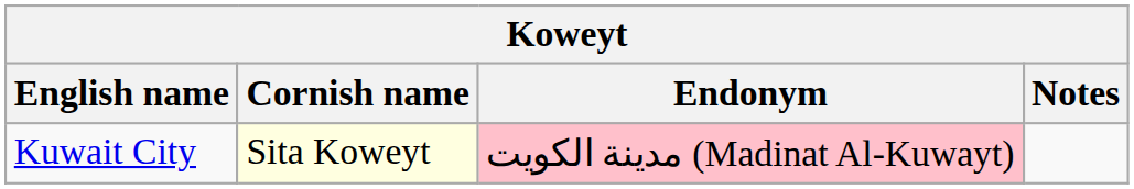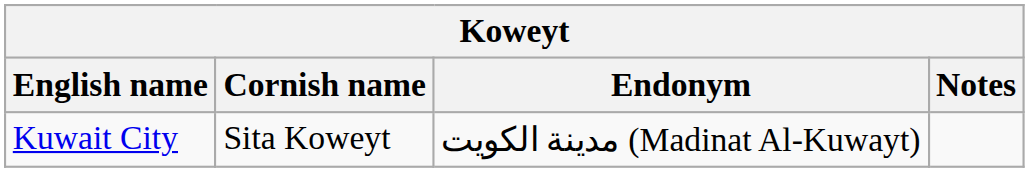 <table class="wikitable sortable">
 <tr>
 <th colspan="24"> Koweyt</th>
 </tr>
 <tr>
 <th>English name</th>
 <th>Cornish name</th>
 <th>Endonym</th>
 <th>Notes</th>
 </tr>
 <tr>
 <td><a href='#'>Kuwait City</a></td>
-<td style="background: lightyellow;">Sita Koweyt</td>
-<td style="background: pink;">مدينة الكويت (Madinat Al-Kuwayt)</td>
+<td>Sita Koweyt</td>
+<td>مدينة الكويت (Madinat Al-Kuwayt)</td>
 <td></td>
 </tr>
 </table>
